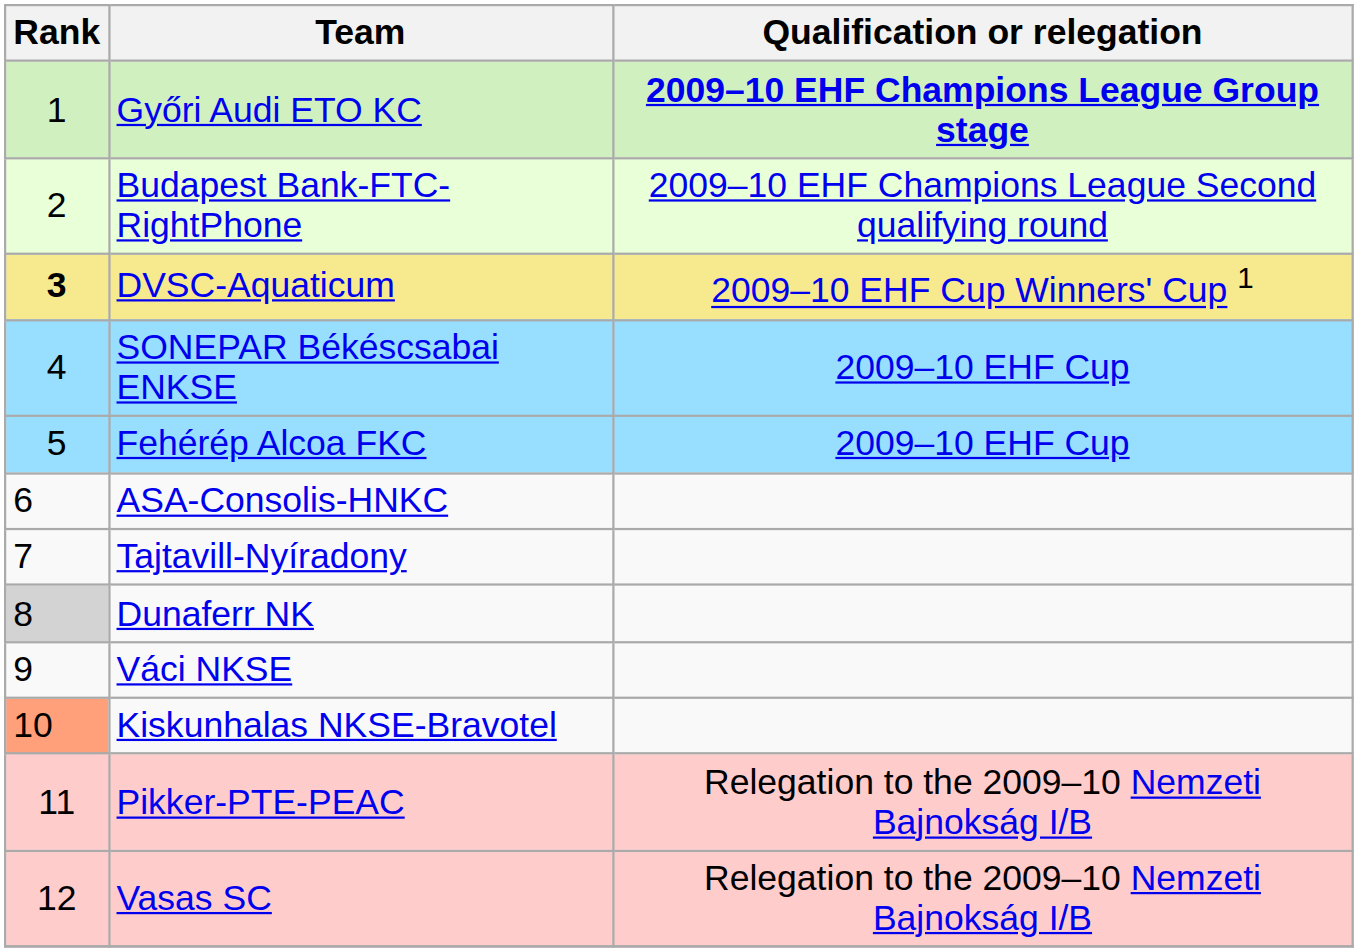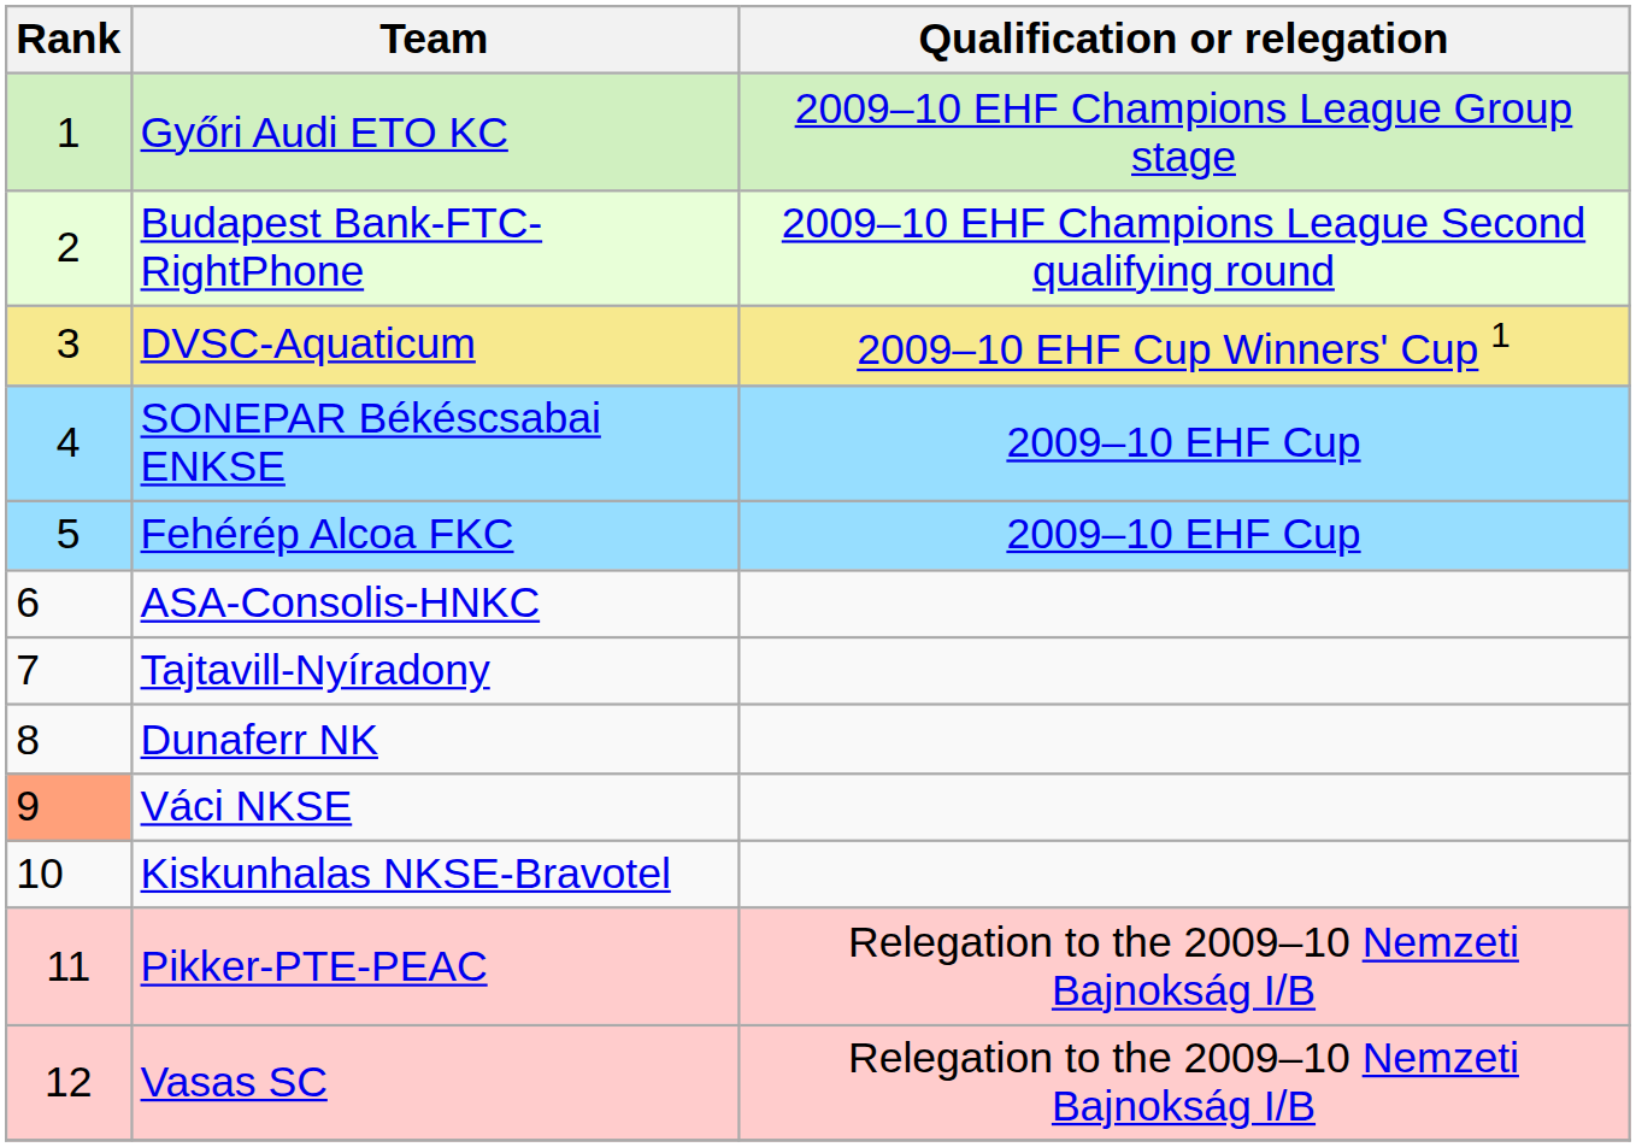 <table class="wikitable">
 <tr>
 <th>Rank</th>
 <th>Team</th>
 <th>Qualification or relegation</th>
 </tr>
 <tr>
 <td align="center" bgcolor=#D0F0C0>1</td>
 <td width=250 align="left" bgcolor=#D0F0C0><a href='#'>Győri Audi ETO KC</a></td>
-<td width=380 align="center" bgcolor=#D0F0C0><strong><a href='#'>2009–10 EHF Champions League Group stage</a></strong></td>
+<td width=380 align="center" bgcolor=#D0F0C0><a href='#'>2009–10 EHF Champions League Group stage</a></td>
 </tr>
 <tr>
 <td align="center" bgcolor=#E8FFD8>2</td>
 <td align="left" bgcolor=#E8FFD8><a href='#'>Budapest Bank-FTC-RightPhone</a></td>
 <td align="center" bgcolor=#E8FFD8><a href='#'>2009–10 EHF Champions League Second qualifying round</a></td>
 </tr>
 <tr>
-<td align="center" bgcolor=#F7E98E><strong>3</strong></td>
+<td align="center" bgcolor=#F7E98E>3</td>
 <td align="left" bgcolor=#F7E98E><a href='#'>DVSC-Aquaticum</a></td>
 <td align="center" bgcolor=#F7E98E><a href='#'>2009–10 EHF Cup Winners' Cup</a> <sup>1</sup></td>
 </tr>
 <tr>
 <td align="center" bgcolor=#97DEFF>4</td>
 <td align="left" bgcolor=#97DEFF><a href='#'>SONEPAR Békéscsabai ENKSE</a></td>
 <td align="center" bgcolor=#97DEFF><a href='#'>2009–10 EHF Cup</a></td>
 </tr>
 <tr>
 <td align="center" bgcolor=#97DEFF>5</td>
 <td align="left" bgcolor=#97DEFF><a href='#'>Fehérép Alcoa FKC</a></td>
 <td align="center" bgcolor=#97DEFF><a href='#'>2009–10 EHF Cup</a></td>
 </tr>
 <tr>
 <td>6</td>
 <td align="left"><a href='#'>ASA-Consolis-HNKC</a></td>
 <td></td>
 </tr>
 <tr>
 <td>7</td>
 <td align="left"><a href='#'>Tajtavill-Nyíradony</a></td>
 <td></td>
 </tr>
 <tr>
-<td style="background: lightgrey;">8</td>
+<td>8</td>
 <td align="left"><a href='#'>Dunaferr NK</a></td>
 <td></td>
 </tr>
 <tr>
-<td>9</td>
+<td style="background: lightsalmon;">9</td>
 <td align="left"><a href='#'>Váci NKSE</a></td>
 <td></td>
 </tr>
 <tr>
-<td style="background: lightsalmon;">10</td>
+<td>10</td>
 <td align="left"><a href='#'>Kiskunhalas NKSE-Bravotel</a></td>
 <td></td>
 </tr>
 <tr>
 <td align="center" bgcolor=#FFCCCC>11</td>
 <td align="left" bgcolor=#FFCCCC><a href='#'>Pikker-PTE-PEAC</a></td>
 <td align="center" bgcolor=#FFCCCC>Relegation to the 2009–10 <a href='#'>Nemzeti Bajnokság I/B</a></td>
 </tr>
 <tr>
 <td align="center" bgcolor=#FFCCCC>12</td>
 <td align="left" bgcolor=#FFCCCC><a href='#'>Vasas SC</a></td>
 <td align="center" bgcolor=#FFCCCC>Relegation to the 2009–10 <a href='#'>Nemzeti Bajnokság I/B</a></td>
 </tr>
 <tr>
 </tr>
 </table>
